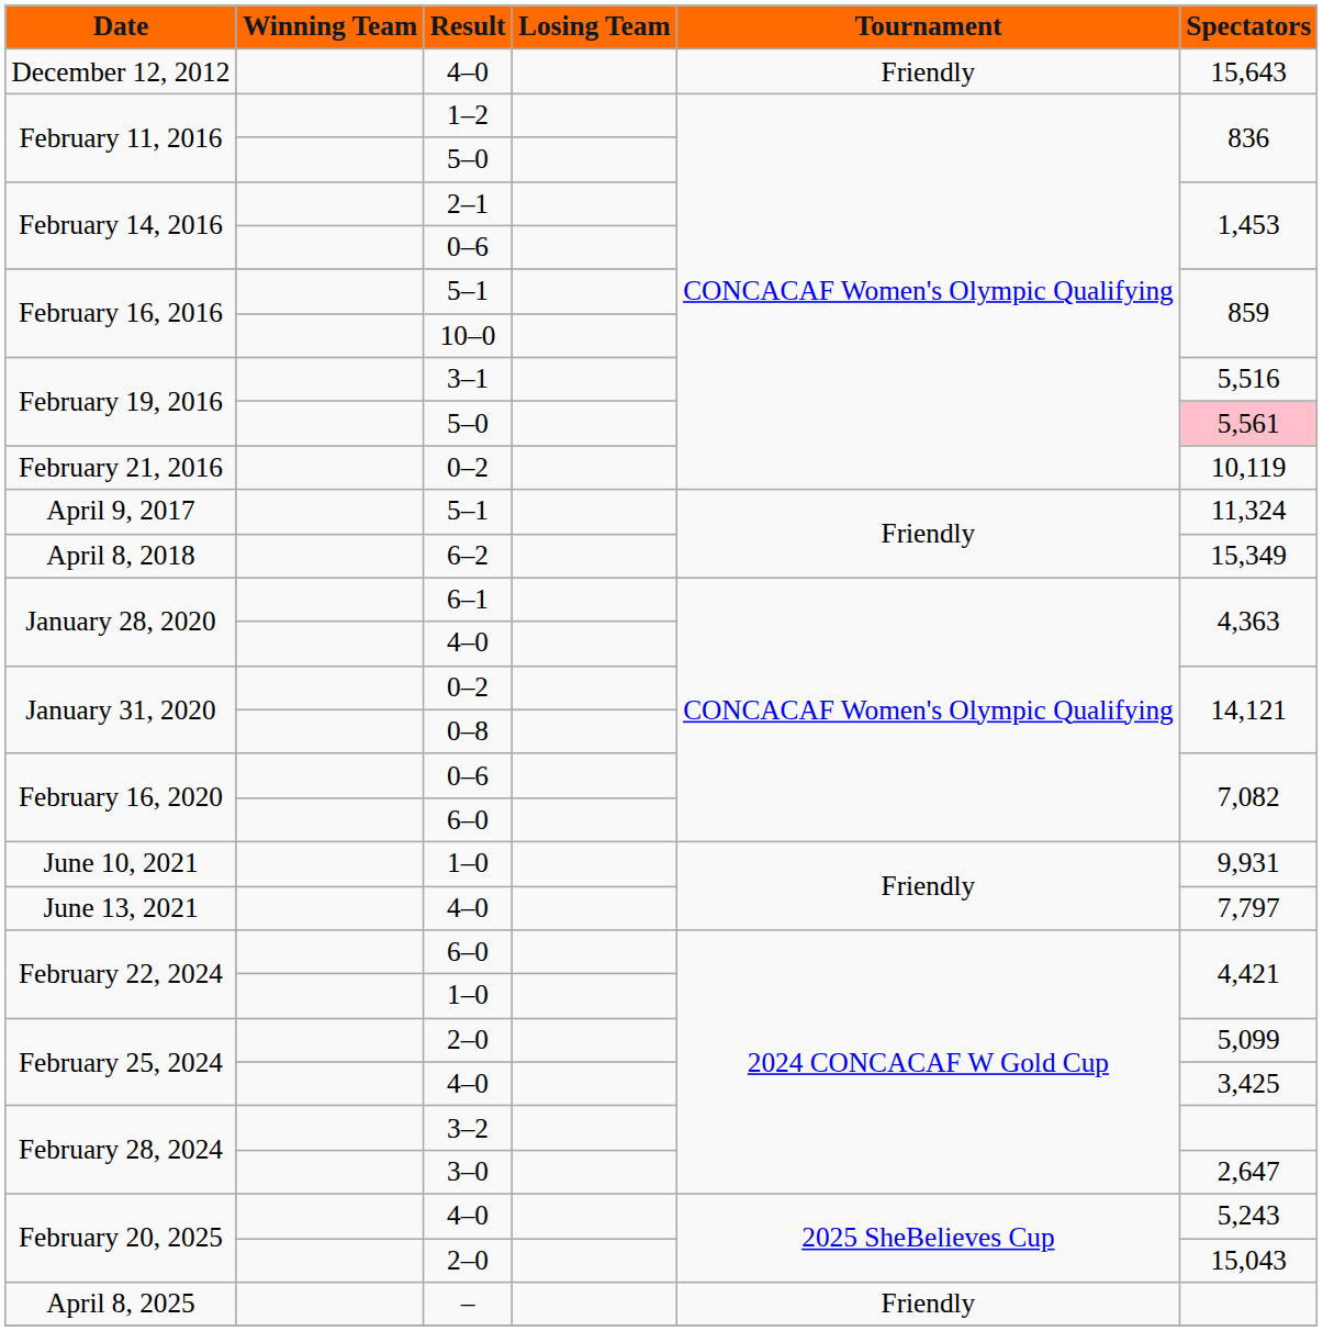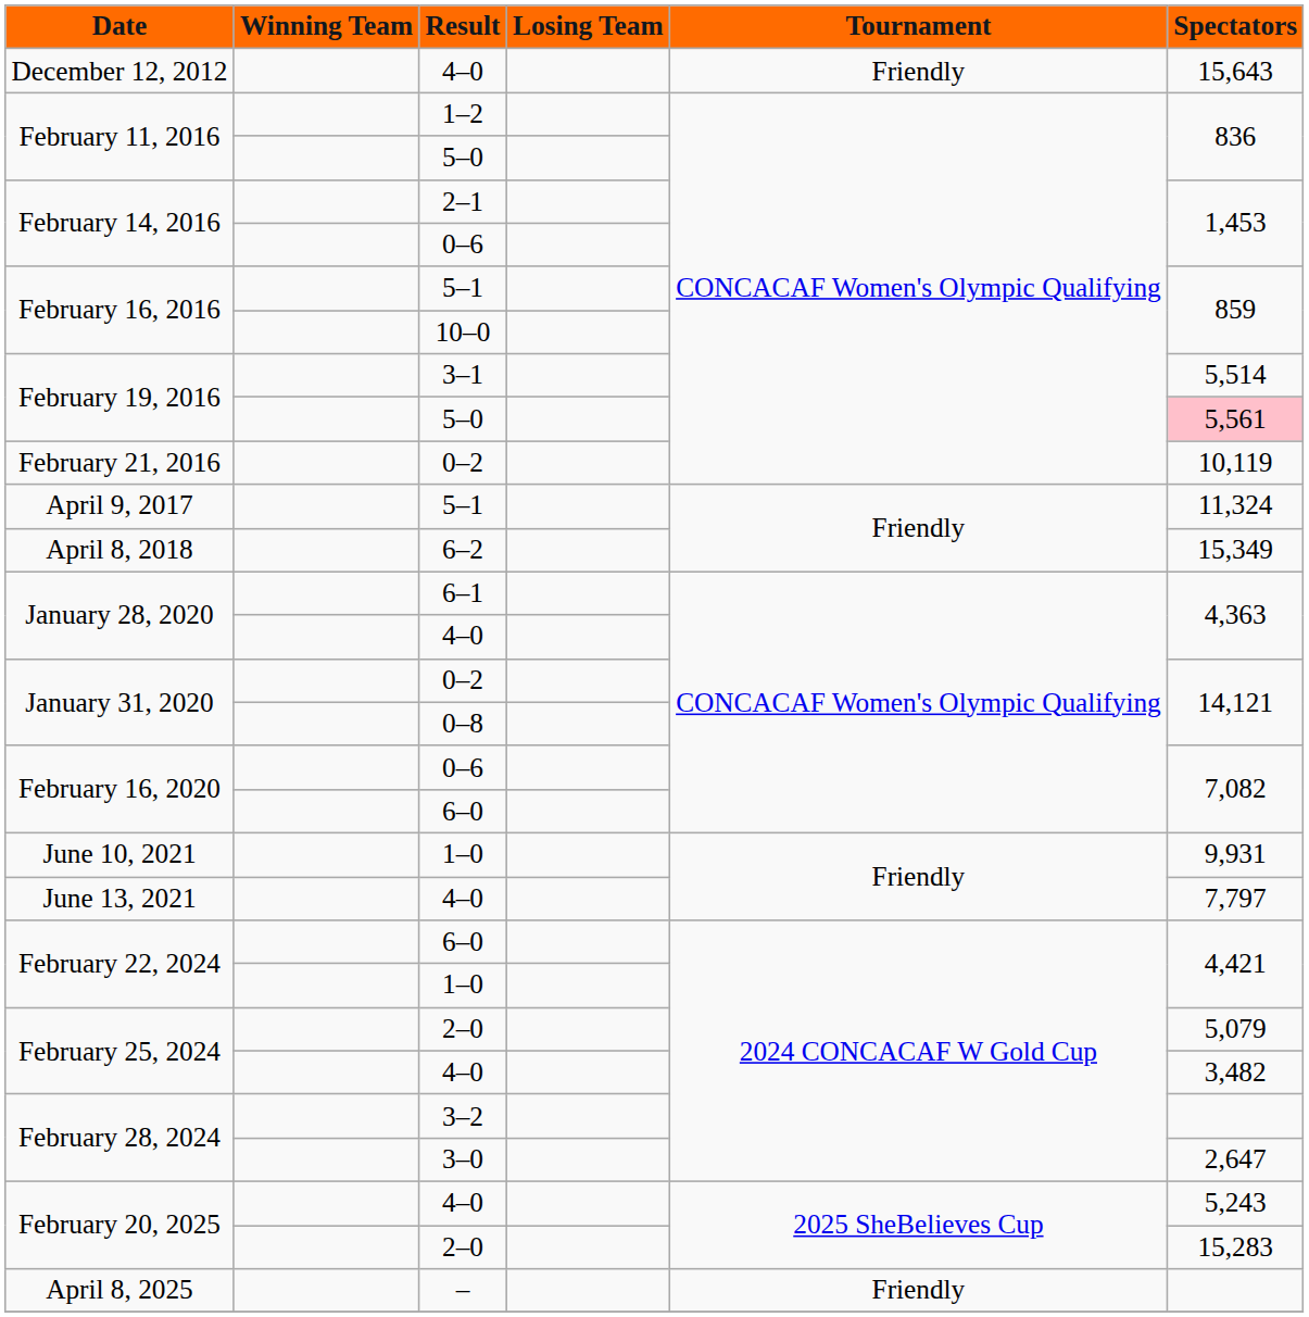 <table class="wikitable" style="text-align:center">
 <tr>
 <th style="text-align:center; background:#FF6B00; color:#101820; ">Date</th>
 <th style="text-align:center; background:#FF6B00; color:#101820; ">Winning Team</th>
 <th style="text-align:center; background:#FF6B00; color:#101820; ">Result</th>
 <th style="text-align:center; background:#FF6B00; color:#101820; ">Losing Team</th>
 <th style="text-align:center; background:#FF6B00; color:#101820; ">Tournament</th>
 <th style="text-align:center; background:#FF6B00; color:#101820; ">Spectators</th>
 </tr>
 <tr>
 <td>December 12, 2012</td>
 <td></td>
 <td style="text-align:center;">4–0</td>
 <td></td>
 <td>Friendly</td>
 <td style="text-align:center;">15,643</td>
 </tr>
 <tr>
 <td rowspan=2>February 11, 2016</td>
 <td></td>
 <td style="text-align:center;">1–2</td>
 <td></td>
 <td rowspan=9><a href='#'>CONCACAF Women's Olympic Qualifying</a></td>
 <td rowspan="2" style="text-align:center;">836</td>
 </tr>
 <tr>
 <td></td>
 <td style="text-align:center;">5–0</td>
 <td></td>
 </tr>
 <tr>
 <td rowspan=2>February 14, 2016</td>
 <td></td>
 <td style="text-align:center;">2–1</td>
 <td></td>
 <td rowspan="2" style="text-align:center;">1,453</td>
 </tr>
 <tr>
 <td></td>
 <td style="text-align:center;">0–6</td>
 <td></td>
 </tr>
 <tr>
 <td rowspan=2>February 16, 2016</td>
 <td></td>
 <td style="text-align:center;">5–1</td>
 <td></td>
 <td rowspan="2" style="text-align:center;">859</td>
 </tr>
 <tr>
 <td></td>
 <td style="text-align:center;">10–0</td>
 <td></td>
 </tr>
 <tr>
 <td rowspan=2>February 19, 2016</td>
 <td></td>
 <td style="text-align:center;">3–1</td>
 <td></td>
-<td style="text-align:center;">5,516</td>
+<td style="text-align:center;">5,514</td>
 </tr>
 <tr>
 <td></td>
 <td style="text-align:center;">5–0</td>
 <td></td>
 <td style="background: pink; text-align:center;">5,561</td>
 </tr>
 <tr>
 <td>February 21, 2016</td>
 <td></td>
 <td style="text-align:center;">0–2</td>
 <td></td>
 <td style="text-align:center;">10,119</td>
 </tr>
 <tr>
 <td>April 9, 2017</td>
 <td></td>
 <td style="text-align:center;">5–1</td>
 <td></td>
 <td rowspan=2>Friendly</td>
 <td style="text-align:center;">11,324</td>
 </tr>
 <tr>
 <td>April 8, 2018</td>
 <td></td>
 <td style="text-align:center;">6–2</td>
 <td></td>
 <td style="text-align:center;">15,349</td>
 </tr>
 <tr>
 <td rowspan="2">January 28, 2020</td>
 <td></td>
 <td>6–1</td>
 <td></td>
 <td rowspan="6"><a href='#'>CONCACAF Women's Olympic Qualifying</a></td>
 <td rowspan="2">4,363</td>
 </tr>
 <tr>
 <td></td>
 <td>4–0</td>
 <td></td>
 </tr>
 <tr>
 <td rowspan="2">January 31, 2020</td>
 <td></td>
 <td>0–2</td>
 <td></td>
 <td rowspan="2">14,121</td>
 </tr>
 <tr>
 <td></td>
 <td>0–8</td>
 <td></td>
 </tr>
 <tr>
 <td rowspan="2">February 16, 2020</td>
 <td></td>
 <td>0–6</td>
 <td></td>
 <td rowspan="2">7,082</td>
 </tr>
 <tr>
 <td></td>
 <td>6–0</td>
 <td></td>
 </tr>
 <tr>
 <td>June 10, 2021</td>
 <td></td>
 <td style="text-align:center;">1–0</td>
 <td></td>
 <td rowspan=2>Friendly</td>
 <td style="text-align:center;">9,931</td>
 </tr>
 <tr>
 <td>June 13, 2021</td>
 <td></td>
 <td style="text-align:center;">4–0</td>
 <td></td>
 <td style="text-align:center;">7,797</td>
 </tr>
 <tr>
 <td rowspan="2">February 22, 2024</td>
 <td></td>
 <td align=center>6–0</td>
 <td></td>
 <td rowspan="6"><a href='#'>2024 CONCACAF W Gold Cup</a></td>
 <td rowspan="2">4,421</td>
 </tr>
 <tr>
 <td></td>
 <td align=center>1–0</td>
 <td></td>
 </tr>
 <tr>
 <td rowspan="2">February 25, 2024</td>
 <td></td>
 <td align=center>2–0</td>
 <td></td>
-<td>5,099</td>
+<td>5,079</td>
 </tr>
 <tr>
 <td></td>
 <td align=center>4–0</td>
 <td></td>
-<td>3,425</td>
+<td>3,482</td>
 </tr>
 <tr>
 <td rowspan="2">February 28, 2024</td>
 <td></td>
 <td align=center>3–2</td>
 <td></td>
 <td></td>
 </tr>
 <tr>
 <td></td>
 <td align=center>3–0</td>
 <td></td>
 <td>2,647</td>
 </tr>
 <tr>
 <td rowspan="2">February 20, 2025</td>
 <td></td>
 <td align=center>4–0</td>
 <td></td>
 <td rowspan="2"><a href='#'>2025 SheBelieves Cup</a></td>
 <td>5,243</td>
 </tr>
 <tr>
 <td></td>
 <td align=center>2–0</td>
 <td></td>
-<td>15,043</td>
+<td>15,283</td>
 </tr>
 <tr>
 <td>April 8, 2025</td>
 <td></td>
 <td align=center>–</td>
 <td></td>
 <td>Friendly</td>
 <td></td>
 </tr>
 <tr>
 </tr>
 </table>
